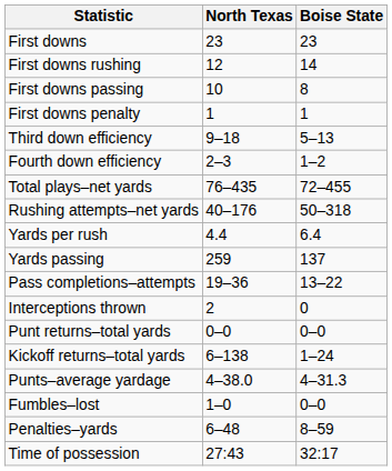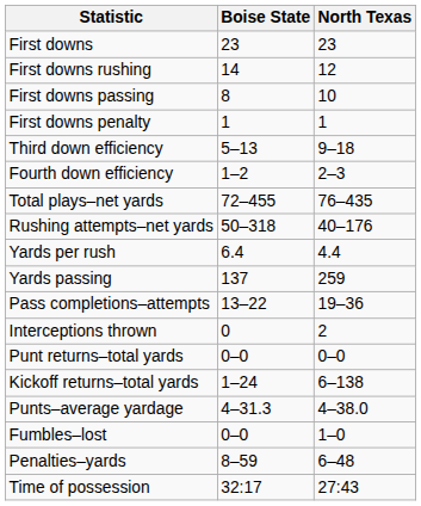 <table class="wikitable">
 <tr>
 <th>Statistic</th>
+<th><strong>Boise State</strong></th>
 <th><strong>North Texas</strong></th>
-<th><strong>Boise State</strong></th>
 </tr>
 <tr>
 <td>First downs</td>
 <td>23</td>
 <td>23</td>
 </tr>
 <tr>
 <td>First downs rushing</td>
+<td>14</td>
 <td>12</td>
-<td>14</td>
 </tr>
 <tr>
 <td>First downs passing</td>
+<td>8</td>
 <td>10</td>
-<td>8</td>
 </tr>
 <tr>
 <td>First downs penalty</td>
 <td>1</td>
 <td>1</td>
 </tr>
 <tr>
 <td>Third down efficiency</td>
+<td>5–13</td>
 <td>9–18</td>
-<td>5–13</td>
 </tr>
 <tr>
 <td>Fourth down efficiency</td>
+<td>1–2</td>
 <td>2–3</td>
-<td>1–2</td>
 </tr>
 <tr>
 <td>Total plays–net yards</td>
+<td>72–455</td>
 <td>76–435</td>
-<td>72–455</td>
 </tr>
 <tr>
 <td>Rushing attempts–net yards</td>
+<td>50–318</td>
 <td>40–176</td>
-<td>50–318</td>
 </tr>
 <tr>
 <td>Yards per rush</td>
+<td>6.4</td>
 <td>4.4</td>
-<td>6.4</td>
 </tr>
 <tr>
 <td>Yards passing</td>
+<td>137</td>
 <td>259</td>
-<td>137</td>
 </tr>
 <tr>
 <td>Pass completions–attempts</td>
+<td>13–22</td>
 <td>19–36</td>
-<td>13–22</td>
 </tr>
 <tr>
 <td>Interceptions thrown</td>
+<td>0</td>
 <td>2</td>
-<td>0</td>
 </tr>
 <tr>
 <td>Punt returns–total yards</td>
 <td>0–0</td>
 <td>0–0</td>
 </tr>
 <tr>
 <td>Kickoff returns–total yards</td>
+<td>1–24</td>
 <td>6–138</td>
-<td>1–24</td>
 </tr>
 <tr>
 <td>Punts–average yardage</td>
+<td>4–31.3</td>
 <td>4–38.0</td>
-<td>4–31.3</td>
 </tr>
 <tr>
 <td>Fumbles–lost</td>
+<td>0–0</td>
 <td>1–0</td>
-<td>0–0</td>
 </tr>
 <tr>
 <td>Penalties–yards</td>
+<td>8–59</td>
 <td>6–48</td>
-<td>8–59</td>
 </tr>
 <tr>
 <td>Time of possession</td>
+<td>32:17</td>
 <td>27:43</td>
-<td>32:17</td>
 </tr>
 </table>
